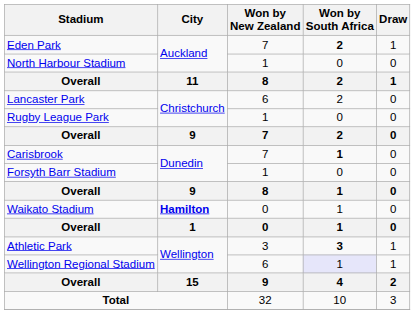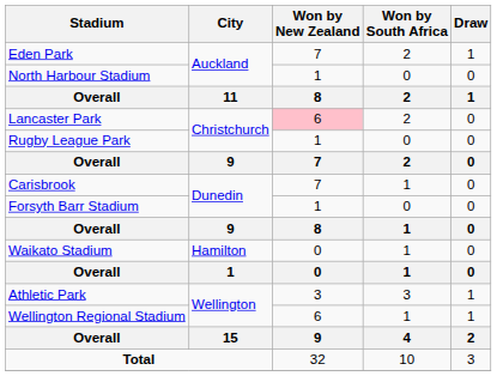 <table class="wikitable">
 <tr>
 <th>Stadium</th>
 <th>City</th>
 <th>Won by<br>New Zealand</th>
 <th>Won by<br>South Africa</th>
 <th>Draw</th>
 </tr>
 <tr>
 <td><a href='#'>Eden Park</a></td>
 <td rowspan=2><a href='#'>Auckland</a></td>
 <td align=center>7</td>
-<td align=center><strong>2</strong></td>
+<td align=center>2</td>
 <td align=center>1</td>
 </tr>
 <tr>
 <td><a href='#'>North Harbour Stadium</a></td>
 <td align=center>1</td>
 <td align=center>0</td>
 <td align=center>0</td>
 </tr>
 <tr>
 <th>Overall</th>
 <th>11</th>
 <th>8</th>
 <th>2</th>
 <th>1</th>
 </tr>
 <tr>
 <td><a href='#'>Lancaster Park</a></td>
 <td rowspan=2><a href='#'>Christchurch</a></td>
-<td align=center>6</td>
+<td align=center style="background: pink;">6</td>
 <td align=center>2</td>
 <td align=center>0</td>
 </tr>
 <tr>
 <td><a href='#'>Rugby League Park</a></td>
 <td align=center>1</td>
 <td align=center>0</td>
 <td align=center>0</td>
 </tr>
 <tr>
 <th>Overall</th>
 <th>9</th>
 <th>7</th>
 <th>2</th>
 <th>0</th>
 </tr>
 <tr>
 <td><a href='#'>Carisbrook</a></td>
 <td rowspan=2><a href='#'>Dunedin</a></td>
 <td align=center>7</td>
-<td align=center><strong>1</strong></td>
+<td align=center>1</td>
 <td align=center>0</td>
 </tr>
 <tr>
 <td><a href='#'>Forsyth Barr Stadium</a></td>
 <td align=center>1</td>
 <td align=center>0</td>
 <td align=center>0</td>
 </tr>
 <tr>
 <th>Overall</th>
 <th>9</th>
 <th>8</th>
 <th>1</th>
 <th>0</th>
 </tr>
 <tr>
 <td><a href='#'>Waikato Stadium</a></td>
-<td><strong><a href='#'>Hamilton</a></strong></td>
+<td><a href='#'>Hamilton</a></td>
 <td align=center>0</td>
 <td align=center>1</td>
 <td align=center>0</td>
 </tr>
 <tr>
 <th>Overall</th>
 <th>1</th>
 <th>0</th>
 <th>1</th>
 <th>0</th>
 </tr>
 <tr>
 <td><a href='#'>Athletic Park</a></td>
 <td rowspan=2><a href='#'>Wellington</a></td>
 <td align=center>3</td>
-<td align=center><strong>3</strong></td>
+<td align=center>3</td>
 <td align=center>1</td>
 </tr>
 <tr>
 <td><a href='#'>Wellington Regional Stadium</a></td>
 <td align=center>6</td>
-<td align=center style="background: lavender;">1</td>
+<td align=center>1</td>
 <td align=center>1</td>
 </tr>
 <tr>
 <th>Overall</th>
 <th>15</th>
 <th>9</th>
 <th>4</th>
 <th>2</th>
 </tr>
 <tr>
 <td align=center colspan=2><strong>Total</strong></td>
 <td align=center>32</td>
 <td align=center>10</td>
 <td align=center>3</td>
 </tr>
 <tr>
 </tr>
 </table>
